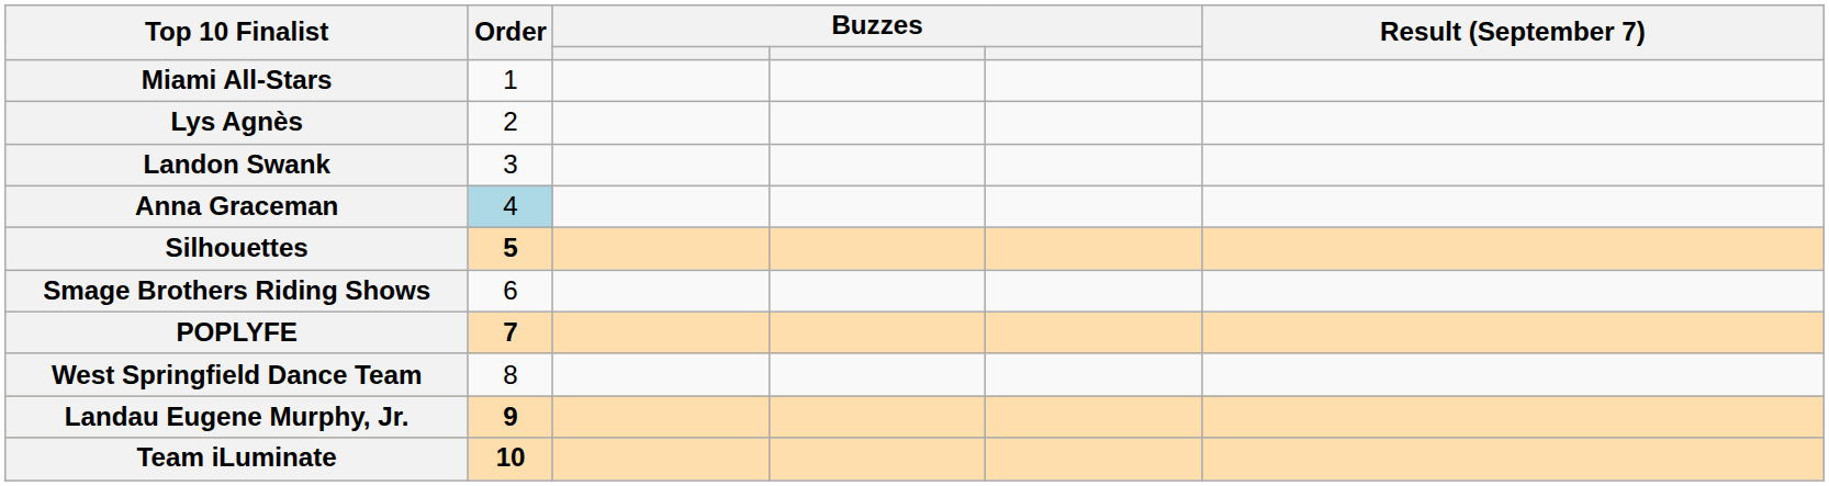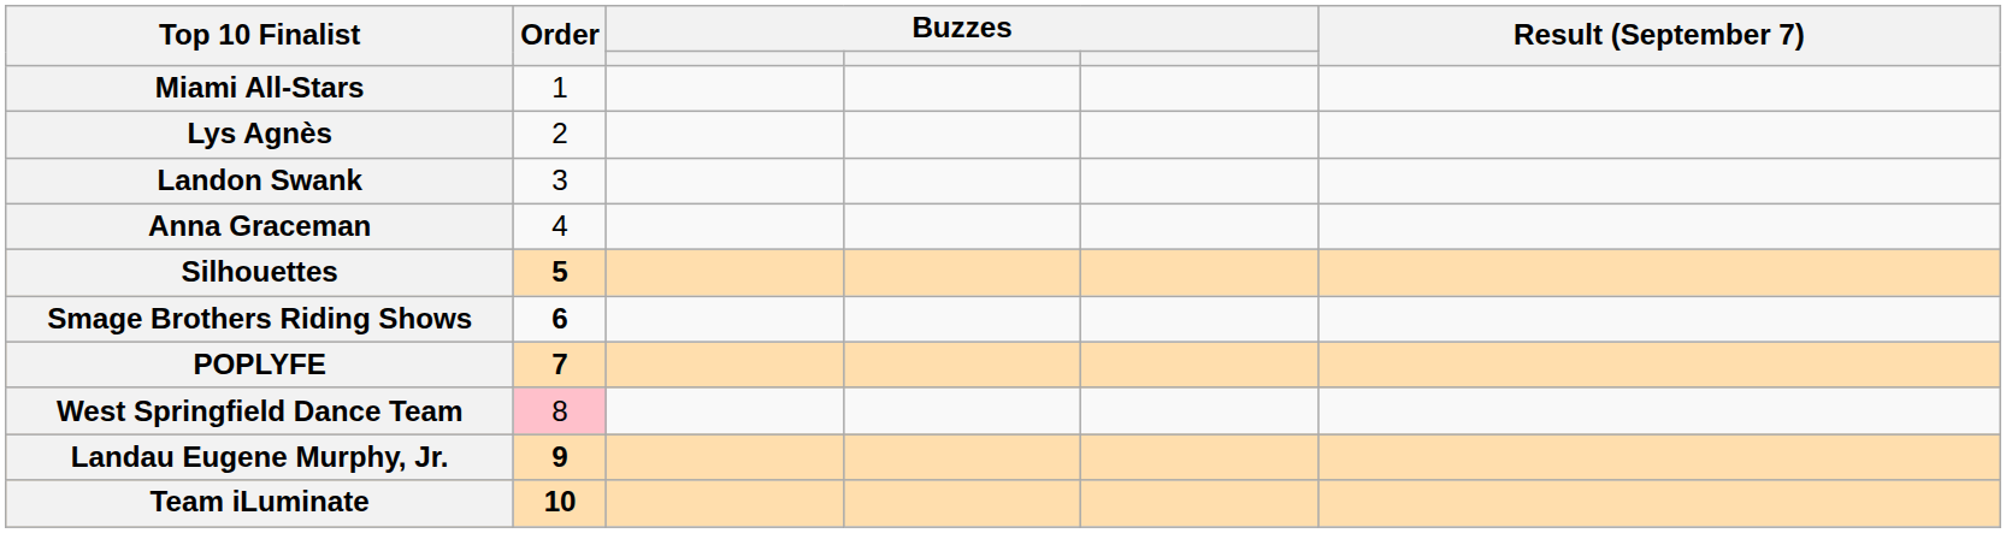 <table class="wikitable plainrowheaders sortable" style="text-align:center;">
 <tr>
 <th scope="col" rowspan="2" class="unsortable" style="width:17em;">Top 10 Finalist</th>
 <th scope="col" rowspan="2" style="width:1em;">Order</th>
 <th scope="col" colspan="3" class="unsortable" style="width:24em;">Buzzes</th>
 <th scope="col" rowspan="2" style="width:23em;">Result (September 7)</th>
 </tr>
 <tr>
 <th scope="col" class="unsortable" style="width:6em;"></th>
 <th scope="col" class="unsortable" style="width:6em;"></th>
 <th scope="col" class="unsortable" style="width:6em;"></th>
 </tr>
 <tr>
 <th scope="row">Miami All-Stars</th>
 <td>1</td>
 <td style="text-align:center;"></td>
 <td style="text-align:center;"></td>
 <td style="text-align:center;"></td>
 <td></td>
 </tr>
 <tr>
 <th scope="row">Lys Agnès</th>
 <td>2</td>
 <td style="text-align:center;"></td>
 <td style="text-align:center;"></td>
 <td style="text-align:center;"></td>
 <td></td>
 </tr>
 <tr>
 <th scope="row">Landon Swank</th>
 <td>3</td>
 <td style="text-align:center;"></td>
 <td style="text-align:center;"></td>
 <td style="text-align:center;"></td>
 <td></td>
 </tr>
 <tr>
 <th scope="row">Anna Graceman</th>
-<td style="background: lightblue;">4</td>
+<td>4</td>
 <td style="text-align:center;"></td>
 <td style="text-align:center;"></td>
 <td style="text-align:center;"></td>
 <td></td>
 </tr>
 <tr style="background:NavajoWhite;">
 <th scope="row"><strong>Silhouettes</strong></th>
 <td><strong>5</strong></td>
 <td style="text-align:center;"></td>
 <td style="text-align:center;"></td>
 <td style="text-align:center;"></td>
 <td><strong></strong></td>
 </tr>
 <tr>
 <th scope="row">Smage Brothers Riding Shows</th>
-<td>6</td>
+<td><strong>6</strong></td>
 <td style="text-align:center;"></td>
 <td style="text-align:center;"></td>
 <td style="text-align:center;"></td>
 <td></td>
 </tr>
 <tr style="background:NavajoWhite;">
 <th scope="row"><strong>POPLYFE</strong></th>
 <td><strong>7</strong></td>
 <td style="text-align:center;"></td>
 <td style="text-align:center;"></td>
 <td style="text-align:center;"></td>
 <td><strong></strong></td>
 </tr>
 <tr>
 <th scope="row">West Springfield Dance Team</th>
-<td>8</td>
+<td style="background: pink;">8</td>
 <td style="text-align:center;"></td>
 <td style="text-align:center;"></td>
 <td style="text-align:center;"></td>
 <td></td>
 </tr>
 <tr style="background:NavajoWhite;">
 <th scope="row"><strong>Landau Eugene Murphy, Jr.</strong></th>
 <td><strong>9</strong></td>
 <td style="text-align:center;"></td>
 <td style="text-align:center;"></td>
 <td style="text-align:center;"></td>
 <td><strong></strong></td>
 </tr>
 <tr style="background:NavajoWhite;">
 <th scope="row"><strong>Team iLuminate</strong></th>
 <td><strong>10</strong></td>
 <td style="text-align:center;"></td>
 <td style="text-align:center;"></td>
 <td style="text-align:center;"></td>
 <td><strong></strong></td>
 </tr>
 </table>
